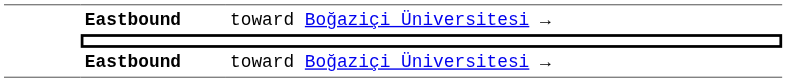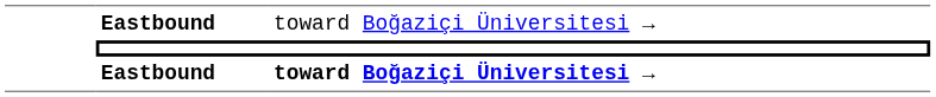 <table table border=0 cellspacing=0 cellpadding=3>
 <tr>
 <td style="border-top:solid 1px gray;border-bottom:solid 1px gray;" width=50 rowspan=3 valign=top></td>
 <td style="border-top:solid 1px gray;" width=100><strong>Eastbound</strong></td>
 <td style="border-top:solid 1px gray;" width=400> toward <a href='#'>Boğaziçi Üniversitesi</a> →</td>
 </tr>
 <tr>
 <td style="border-top:solid 2px black;border-right:solid 2px black;border-left:solid 2px black;border-bottom:solid 2px black;text-align:center;" colspan=2></td>
 </tr>
 <tr>
 <td style="border-bottom:solid 1px gray;"><strong>Eastbound</strong></td>
-<td style="border-bottom:solid 1px gray;"> toward <a href='#'>Boğaziçi Üniversitesi</a> →</td>
+<td style="border-bottom:solid 1px gray;"><strong> toward <a href='#'>Boğaziçi Üniversitesi</a> →</strong></td>
 </tr>
 </table>
